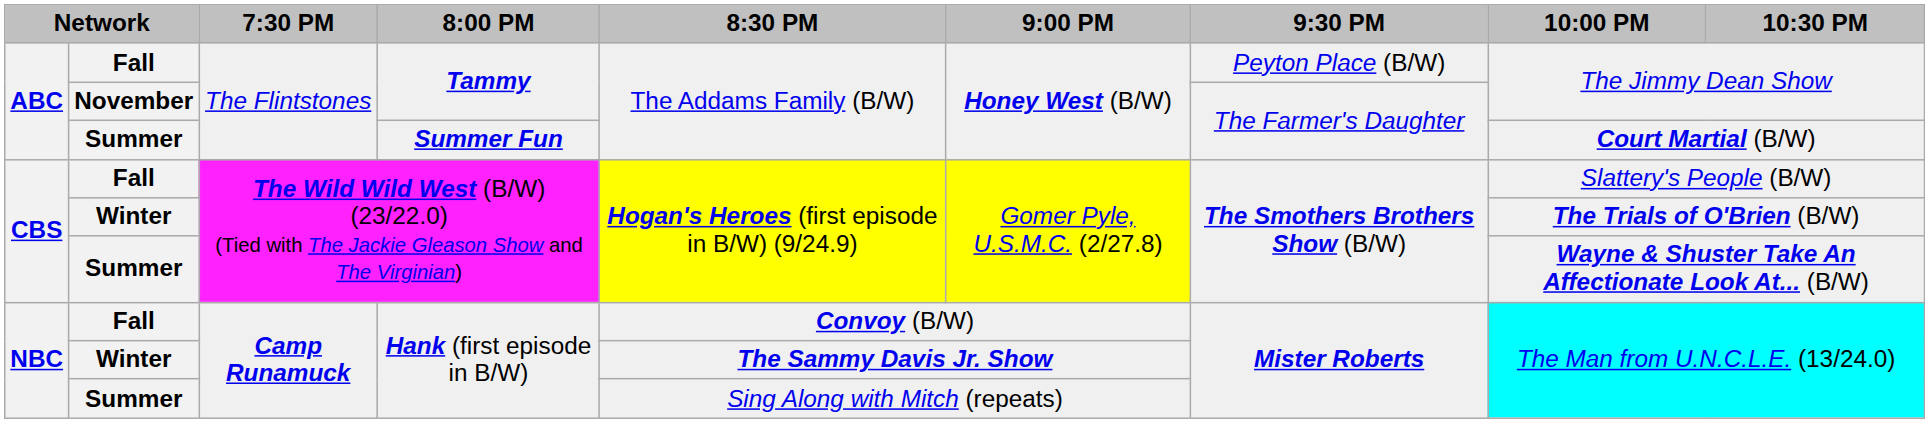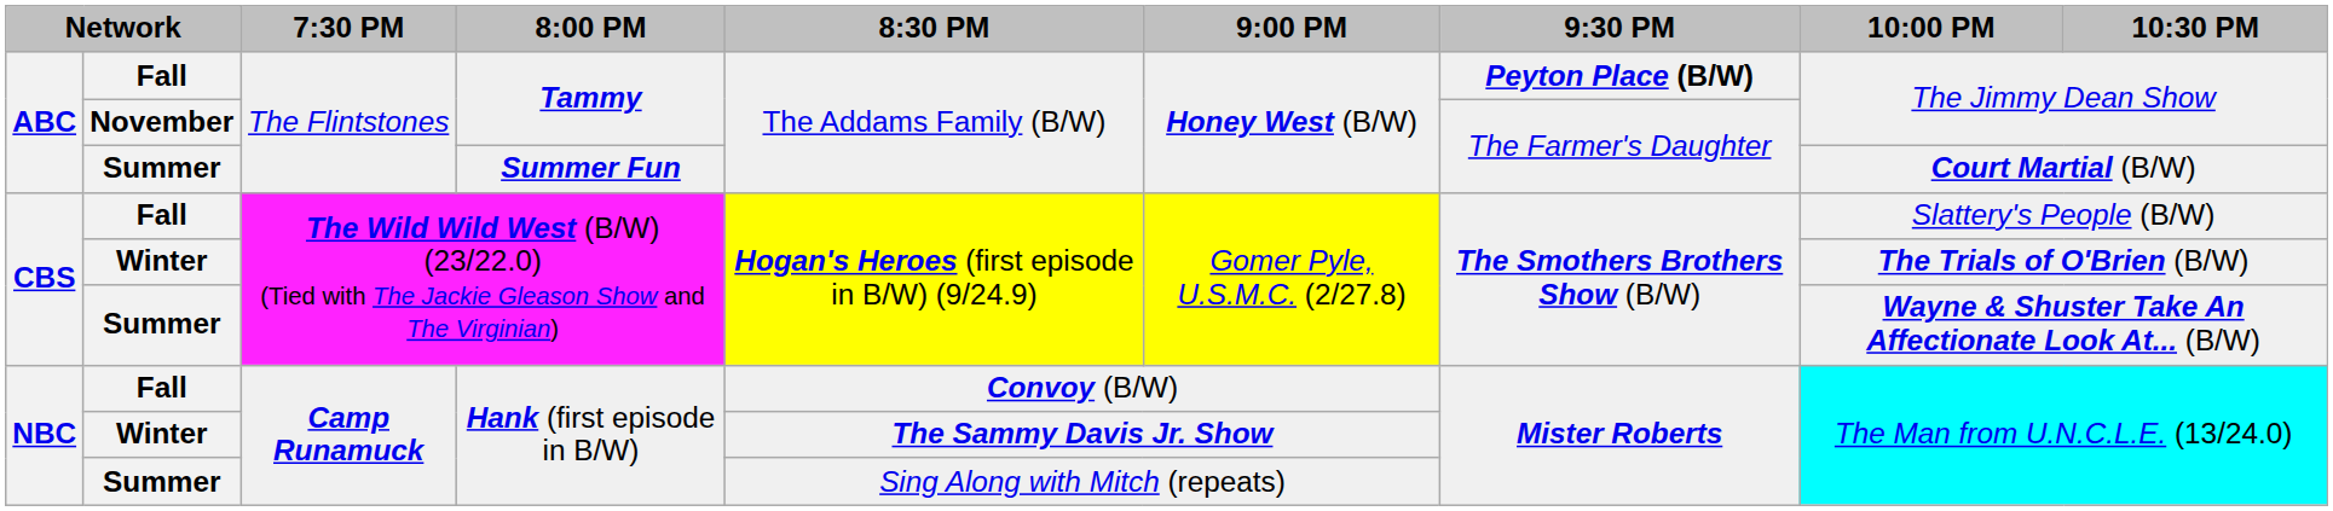 <table class="wikitable" style="width:100%;margin-right:0;text-align:center">
 <tr>
 <th colspan="2" style="background-color:#C0C0C0;text-align:center">Network</th>
 <th style="background-color:#C0C0C0;text-align:center">7:30 PM</th>
 <th style="background-color:#C0C0C0;text-align:center">8:00 PM</th>
 <th style="background-color:#C0C0C0;text-align:center">8:30 PM</th>
 <th style="background-color:#C0C0C0;text-align:center">9:00 PM</th>
 <th style="background-color:#C0C0C0;text-align:center">9:30 PM</th>
 <th style="background-color:#C0C0C0;text-align:center">10:00 PM</th>
 <th style="background-color:#C0C0C0;text-align:center">10:30 PM</th>
 </tr>
 <tr>
 <th rowspan="3"><a href='#'>ABC</a></th>
 <th>Fall</th>
 <td bgcolor="#F0F0F0" rowspan="3"><em><a href='#'>The Flintstones</a></em></td>
 <td bgcolor="#F0F0F0" rowspan="2"><strong><em><a href='#'>Tammy</a></em></strong></td>
 <td bgcolor="#F0F0F0" rowspan="3"><em><a href='#'></em>The Addams Family<em></a></em> (B/W)</td>
 <td bgcolor="#F0F0F0" rowspan="3"><strong><em><a href='#'><em>Honey West</em></a></em></strong> (B/W)</td>
-<td bgcolor="#F0F0F0"><em><a href='#'>Peyton Place</a></em> (B/W)</td>
+<td bgcolor="#F0F0F0"><strong><em><a href='#'>Peyton Place</a></em> (B/W)</strong></td>
 <td rowspan="2" colspan="2" bgcolor="#F0F0F0"><em><a href='#'>The Jimmy Dean Show</a></em></td>
 </tr>
 <tr>
 <th>November</th>
 <td bgcolor="#F0F0F0" rowspan="2"><em><a href='#'>The Farmer's Daughter</a></em></td>
 </tr>
 <tr>
 <th>Summer</th>
 <td bgcolor="#F0F0F0"><strong><em><a href='#'><em>Summer Fun</em></a></em></strong></td>
 <td colspan="2" bgcolor="#F0F0F0"><strong><em><a href='#'><em>Court Martial</em></a></em></strong> (B/W)</td>
 </tr>
 <tr>
 <th rowspan="3"><a href='#'>CBS</a></th>
 <th>Fall</th>
 <td colspan="2" rowspan="3" bgcolor="#FF22FF"><strong><em><a href='#'>The Wild Wild West</a></em></strong> (B/W) (23/22.0)<br><small>(Tied with <em><a href='#'>The Jackie Gleason Show</a></em> and <em><a href='#'>The Virginian</a></em>)</small></td>
 <td rowspan="3" bgcolor="#FFFF00"><strong><em><a href='#'>Hogan's Heroes</a></em></strong> (first episode in B/W) (9/24.9)</td>
 <td rowspan="3" bgcolor="#FFFF00"><em><a href='#'>Gomer Pyle, U.S.M.C.</a></em> (2/27.8)</td>
 <td rowspan="3" bgcolor="#F0F0F0"><strong><em><a href='#'>The Smothers Brothers Show</a></em></strong> (B/W)</td>
 <td bgcolor="#F0F0F0" colspan="2"><em><a href='#'>Slattery's People</a></em> (B/W)</td>
 </tr>
 <tr>
 <th>Winter</th>
 <td colspan="2" bgcolor="#F0F0F0"><strong><em><a href='#'>The Trials of O'Brien</a></em></strong> (B/W)</td>
 </tr>
 <tr>
 <th>Summer</th>
 <td colspan="2" bgcolor="#F0F0F0"><strong><em><a href='#'><em>Wayne & Shuster Take An Affectionate Look At...</em></a></em></strong> (B/W)</td>
 </tr>
 <tr>
 <th rowspan="3"><a href='#'>NBC</a></th>
 <th>Fall</th>
 <td rowspan="3" bgcolor="#F0F0F0"><strong><em><a href='#'>Camp Runamuck</a></em></strong></td>
 <td rowspan="3" bgcolor="#F0F0F0"><strong><em><a href='#'>Hank</a></em></strong> (first episode in B/W)</td>
 <td bgcolor="#F0F0F0" colspan="2"><strong><em><a href='#'><em>Convoy</em></a></em></strong> (B/W)</td>
 <td rowspan="3" bgcolor="#F0F0F0"><strong><em><a href='#'>Mister Roberts</a></em></strong></td>
 <td colspan="2" rowspan="3" bgcolor="#00FFFF"><em><a href='#'>The Man from U.N.C.L.E.</a></em> (13/24.0)</td>
 </tr>
 <tr>
 <th>Winter</th>
 <td colspan="2" bgcolor="#F0F0F0"><strong><em><a href='#'>The Sammy Davis Jr. Show</a></em></strong></td>
 </tr>
 <tr>
 <th>Summer</th>
 <td colspan="2" bgcolor="#F0F0F0"><em><a href='#'>Sing Along with Mitch</a></em> (repeats)</td>
 </tr>
 </table>
